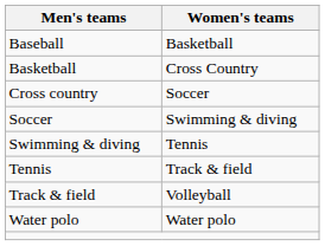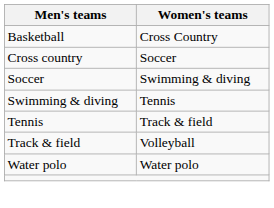 <table class="wikitable" style=" ">
 <tr>
 <th width=150px>Men's teams</th>
 <th width=150px>Women's teams</th>
-</tr>
-<tr>
-<td>Baseball</td>
-<td>Basketball</td>
 </tr>
 <tr>
 <td>Basketball</td>
 <td>Cross Country</td>
 </tr>
 <tr>
 <td>Cross country</td>
 <td>Soccer</td>
 </tr>
 <tr>
 <td>Soccer</td>
 <td>Swimming & diving</td>
 </tr>
 <tr>
 <td>Swimming & diving</td>
 <td>Tennis</td>
 </tr>
 <tr>
 <td>Tennis</td>
 <td>Track & field</td>
 </tr>
 <tr>
 <td>Track & field</td>
 <td>Volleyball</td>
 </tr>
 <tr>
 <td>Water polo</td>
 <td>Water polo</td>
 </tr>
 <tr>
 <td colspan="2"></td>
 </tr>
 </table>
